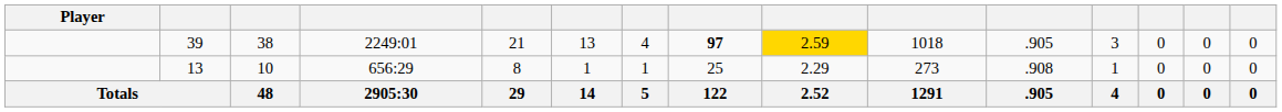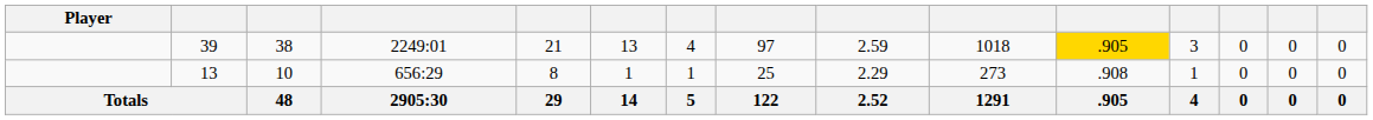 <table class="wikitable sortable" style="width:100%; text-align:center;">
 <tr style="text-align:center; background:#ddd;">
 <th>Player</th>
 <th></th>
 <th></th>
 <th></th>
 <th></th>
 <th></th>
 <th></th>
 <th></th>
 <th></th>
 <th></th>
 <th></th>
 <th></th>
 <th></th>
 <th></th>
 <th></th>
 </tr>
 <tr>
 <td></td>
 <td>39</td>
 <td>38</td>
 <td>2249:01</td>
 <td>21</td>
 <td>13</td>
 <td>4</td>
-<td><strong>97</strong></td>
-<td style="background: gold;">2.59</td>
+<td>97</td>
+<td>2.59</td>
 <td>1018</td>
-<td>.905</td>
+<td style="background: gold;">.905</td>
 <td>3</td>
 <td>0</td>
 <td>0</td>
 <td>0</td>
 </tr>
 <tr>
 <td></td>
 <td>13</td>
 <td>10</td>
 <td>656:29</td>
 <td>8</td>
 <td>1</td>
 <td>1</td>
 <td>25</td>
 <td>2.29</td>
 <td>273</td>
 <td>.908</td>
 <td>1</td>
 <td>0</td>
 <td>0</td>
 <td>0</td>
 </tr>
 <tr class="unsortable">
 <th colspan=2>Totals</th>
 <th>48</th>
 <th>2905:30</th>
 <th>29</th>
 <th>14</th>
 <th>5</th>
 <th>122</th>
 <th>2.52</th>
 <th>1291</th>
 <th>.905</th>
 <th>4</th>
 <th>0</th>
 <th>0</th>
 <th>0</th>
 </tr>
 </table>
